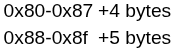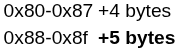 <table>
 <tr>
 <td>0x80-0x87</td>
 <td>+4 bytes</td>
 </tr>
 <tr>
 <td>0x88-0x8f</td>
-<td>+5 bytes</td>
+<td><strong>+5 bytes</strong></td>
 </tr>
 </table>
